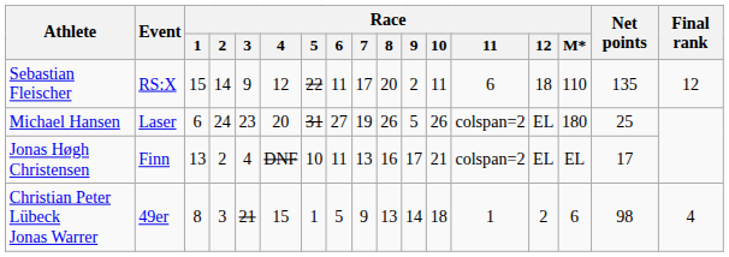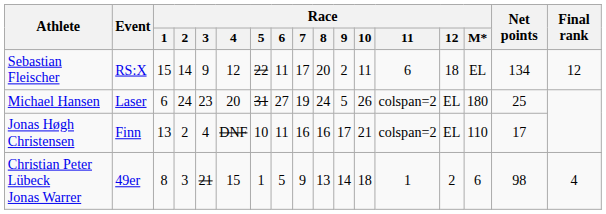 <table class="wikitable" style="font-size:90%">
 <tr>
 <th rowspan="2">Athlete</th>
 <th rowspan="2">Event</th>
 <th colspan=13>Race</th>
 <th rowspan=2>Net points</th>
 <th rowspan=2>Final rank</th>
 </tr>
 <tr style="font-size:95%">
 <th>1</th>
 <th>2</th>
 <th>3</th>
 <th>4</th>
 <th>5</th>
 <th>6</th>
 <th>7</th>
 <th>8</th>
 <th>9</th>
 <th>10</th>
 <th>11</th>
 <th>12</th>
 <th>M*</th>
 </tr>
 <tr align=center>
 <td align=left><a href='#'>Sebastian Fleischer</a></td>
 <td align=left><a href='#'>RS:X</a></td>
 <td>15</td>
 <td>14</td>
 <td>9</td>
 <td>12</td>
 <td><s>22</s></td>
 <td>11</td>
 <td>17</td>
 <td>20</td>
 <td>2</td>
 <td>11</td>
 <td>6</td>
 <td>18</td>
-<td>110</td>
-<td>135</td>
+<td>EL</td>
+<td>134</td>
 <td>12</td>
 </tr>
 <tr align=center>
 <td align=left><a href='#'>Michael Hansen</a></td>
 <td align=left><a href='#'>Laser</a></td>
 <td>6</td>
 <td>24</td>
 <td>23</td>
 <td>20</td>
 <td><s>31</s></td>
 <td>27</td>
 <td>19</td>
-<td>26</td>
+<td>24</td>
 <td>5</td>
 <td>26</td>
 <td>colspan=2 </td>
 <td>EL</td>
 <td>180</td>
 <td>25</td>
 </tr>
 <tr align=center>
 <td align=left><a href='#'>Jonas Høgh Christensen</a></td>
 <td align=left><a href='#'>Finn</a></td>
 <td>13</td>
 <td>2</td>
 <td>4</td>
 <td><s>DNF</s></td>
 <td>10</td>
 <td>11</td>
-<td>13</td>
+<td>16</td>
 <td>16</td>
 <td>17</td>
 <td>21</td>
 <td>colspan=2 </td>
 <td>EL</td>
-<td>EL</td>
+<td>110</td>
 <td>17</td>
 </tr>
 <tr align=center>
 <td align=left><a href='#'>Christian Peter Lübeck</a><br><a href='#'>Jonas Warrer</a></td>
 <td align=left><a href='#'>49er</a></td>
 <td>8</td>
 <td>3</td>
 <td><s>21</s></td>
 <td>15</td>
 <td>1</td>
 <td>5</td>
 <td>9</td>
 <td>13</td>
 <td>14</td>
 <td>18</td>
 <td>1</td>
 <td>2</td>
 <td>6</td>
 <td>98</td>
 <td>4</td>
 </tr>
 </table>
